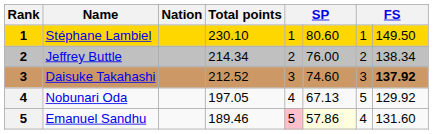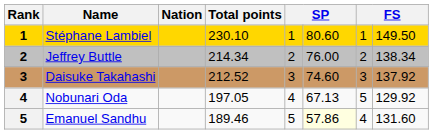 <table class="wikitable">
 <tr>
 <th>Rank</th>
 <th>Name</th>
 <th>Nation</th>
 <th>Total points</th>
 <th colspan="2" width="80px"><a href='#'>SP</a></th>
 <th colspan="2" width="80px"><a href='#'>FS</a></th>
 </tr>
 <tr bgcolor="gold">
 <td align="center"><strong>1</strong></td>
 <td><a href='#'>Stéphane Lambiel</a></td>
 <td></td>
 <td>230.10</td>
 <td>1</td>
 <td>80.60</td>
 <td>1</td>
 <td>149.50</td>
 </tr>
 <tr bgcolor="silver">
 <td align="center"><strong>2</strong></td>
 <td><a href='#'>Jeffrey Buttle</a></td>
 <td></td>
 <td>214.34</td>
 <td>2</td>
 <td>76.00</td>
 <td>2</td>
 <td>138.34</td>
 </tr>
 <tr bgcolor="cc9966">
 <td align="center"><strong>3</strong></td>
 <td><a href='#'>Daisuke Takahashi</a></td>
 <td></td>
 <td>212.52</td>
 <td>3</td>
 <td>74.60</td>
 <td>3</td>
-<td><strong>137.92</strong></td>
+<td>137.92</td>
 </tr>
 <tr>
 <th>4</th>
 <td><a href='#'>Nobunari Oda</a></td>
 <td></td>
 <td>197.05</td>
 <td>4</td>
 <td>67.13</td>
 <td>5</td>
 <td>129.92</td>
 </tr>
 <tr>
 <th>5</th>
 <td><a href='#'>Emanuel Sandhu</a></td>
 <td></td>
 <td>189.46</td>
-<td style="background: pink;">5</td>
+<td>5</td>
 <td style="background: lightyellow;">57.86</td>
 <td>4</td>
 <td>131.60</td>
 </tr>
 </table>
